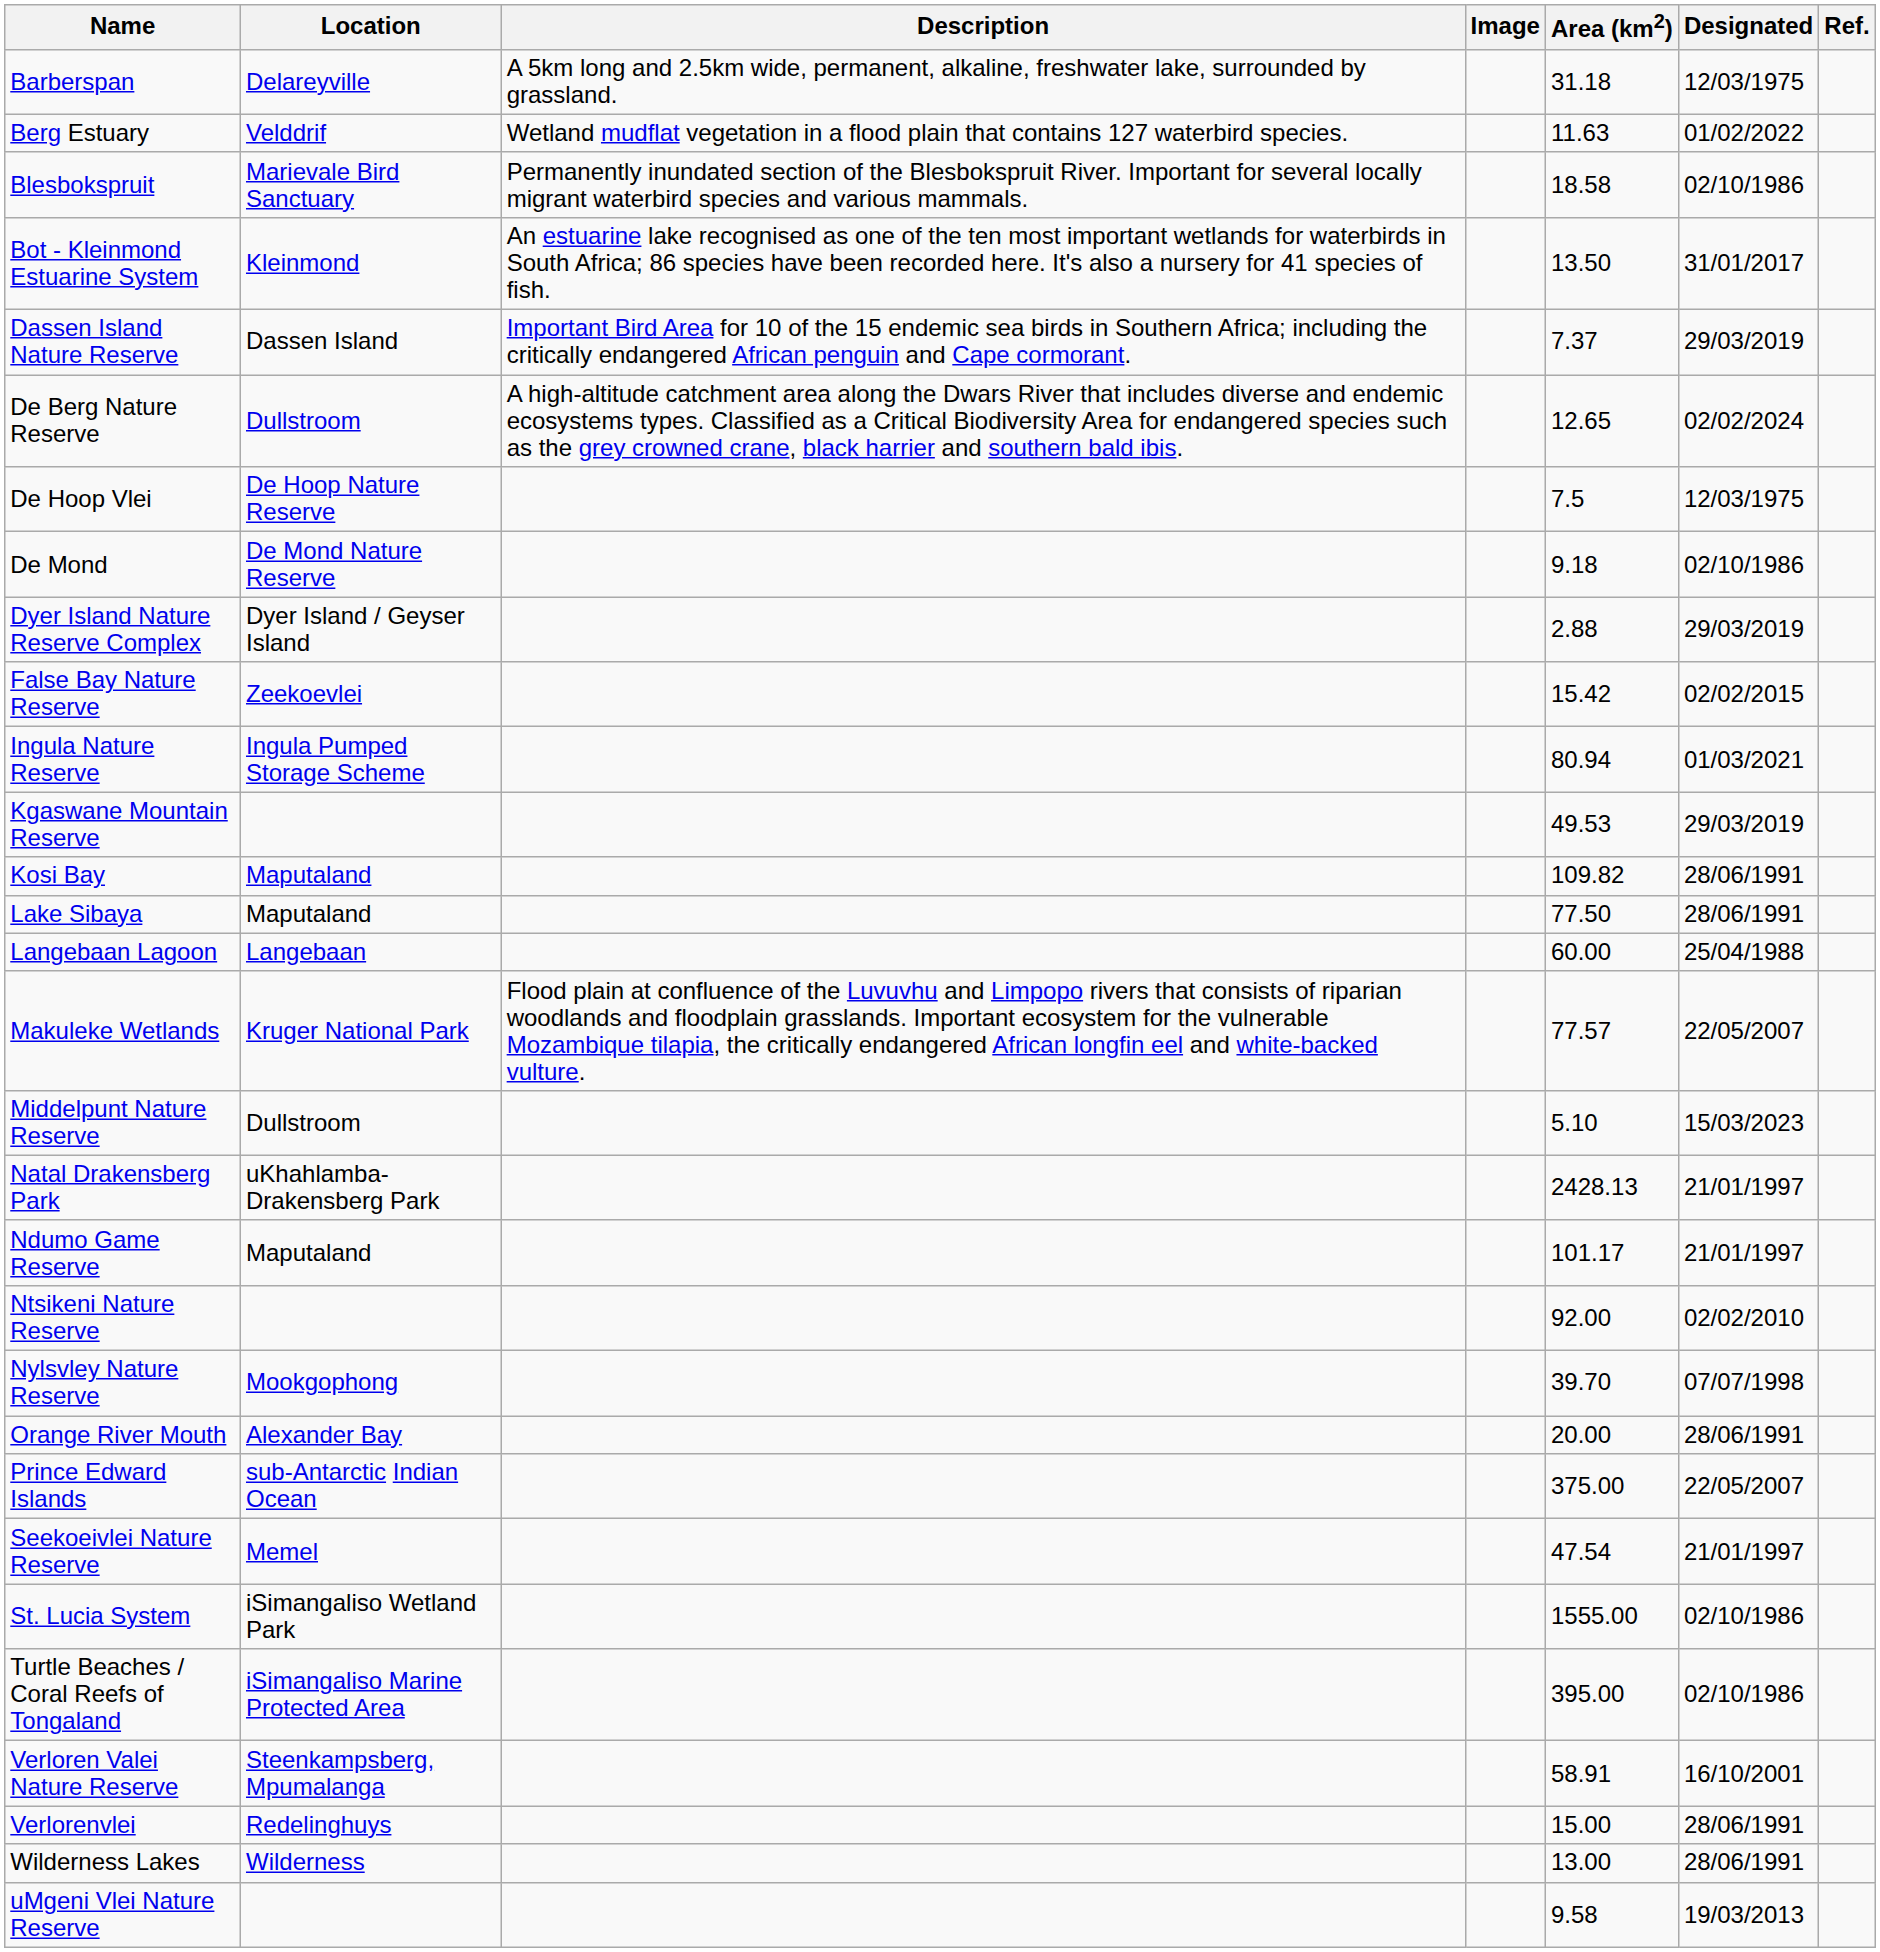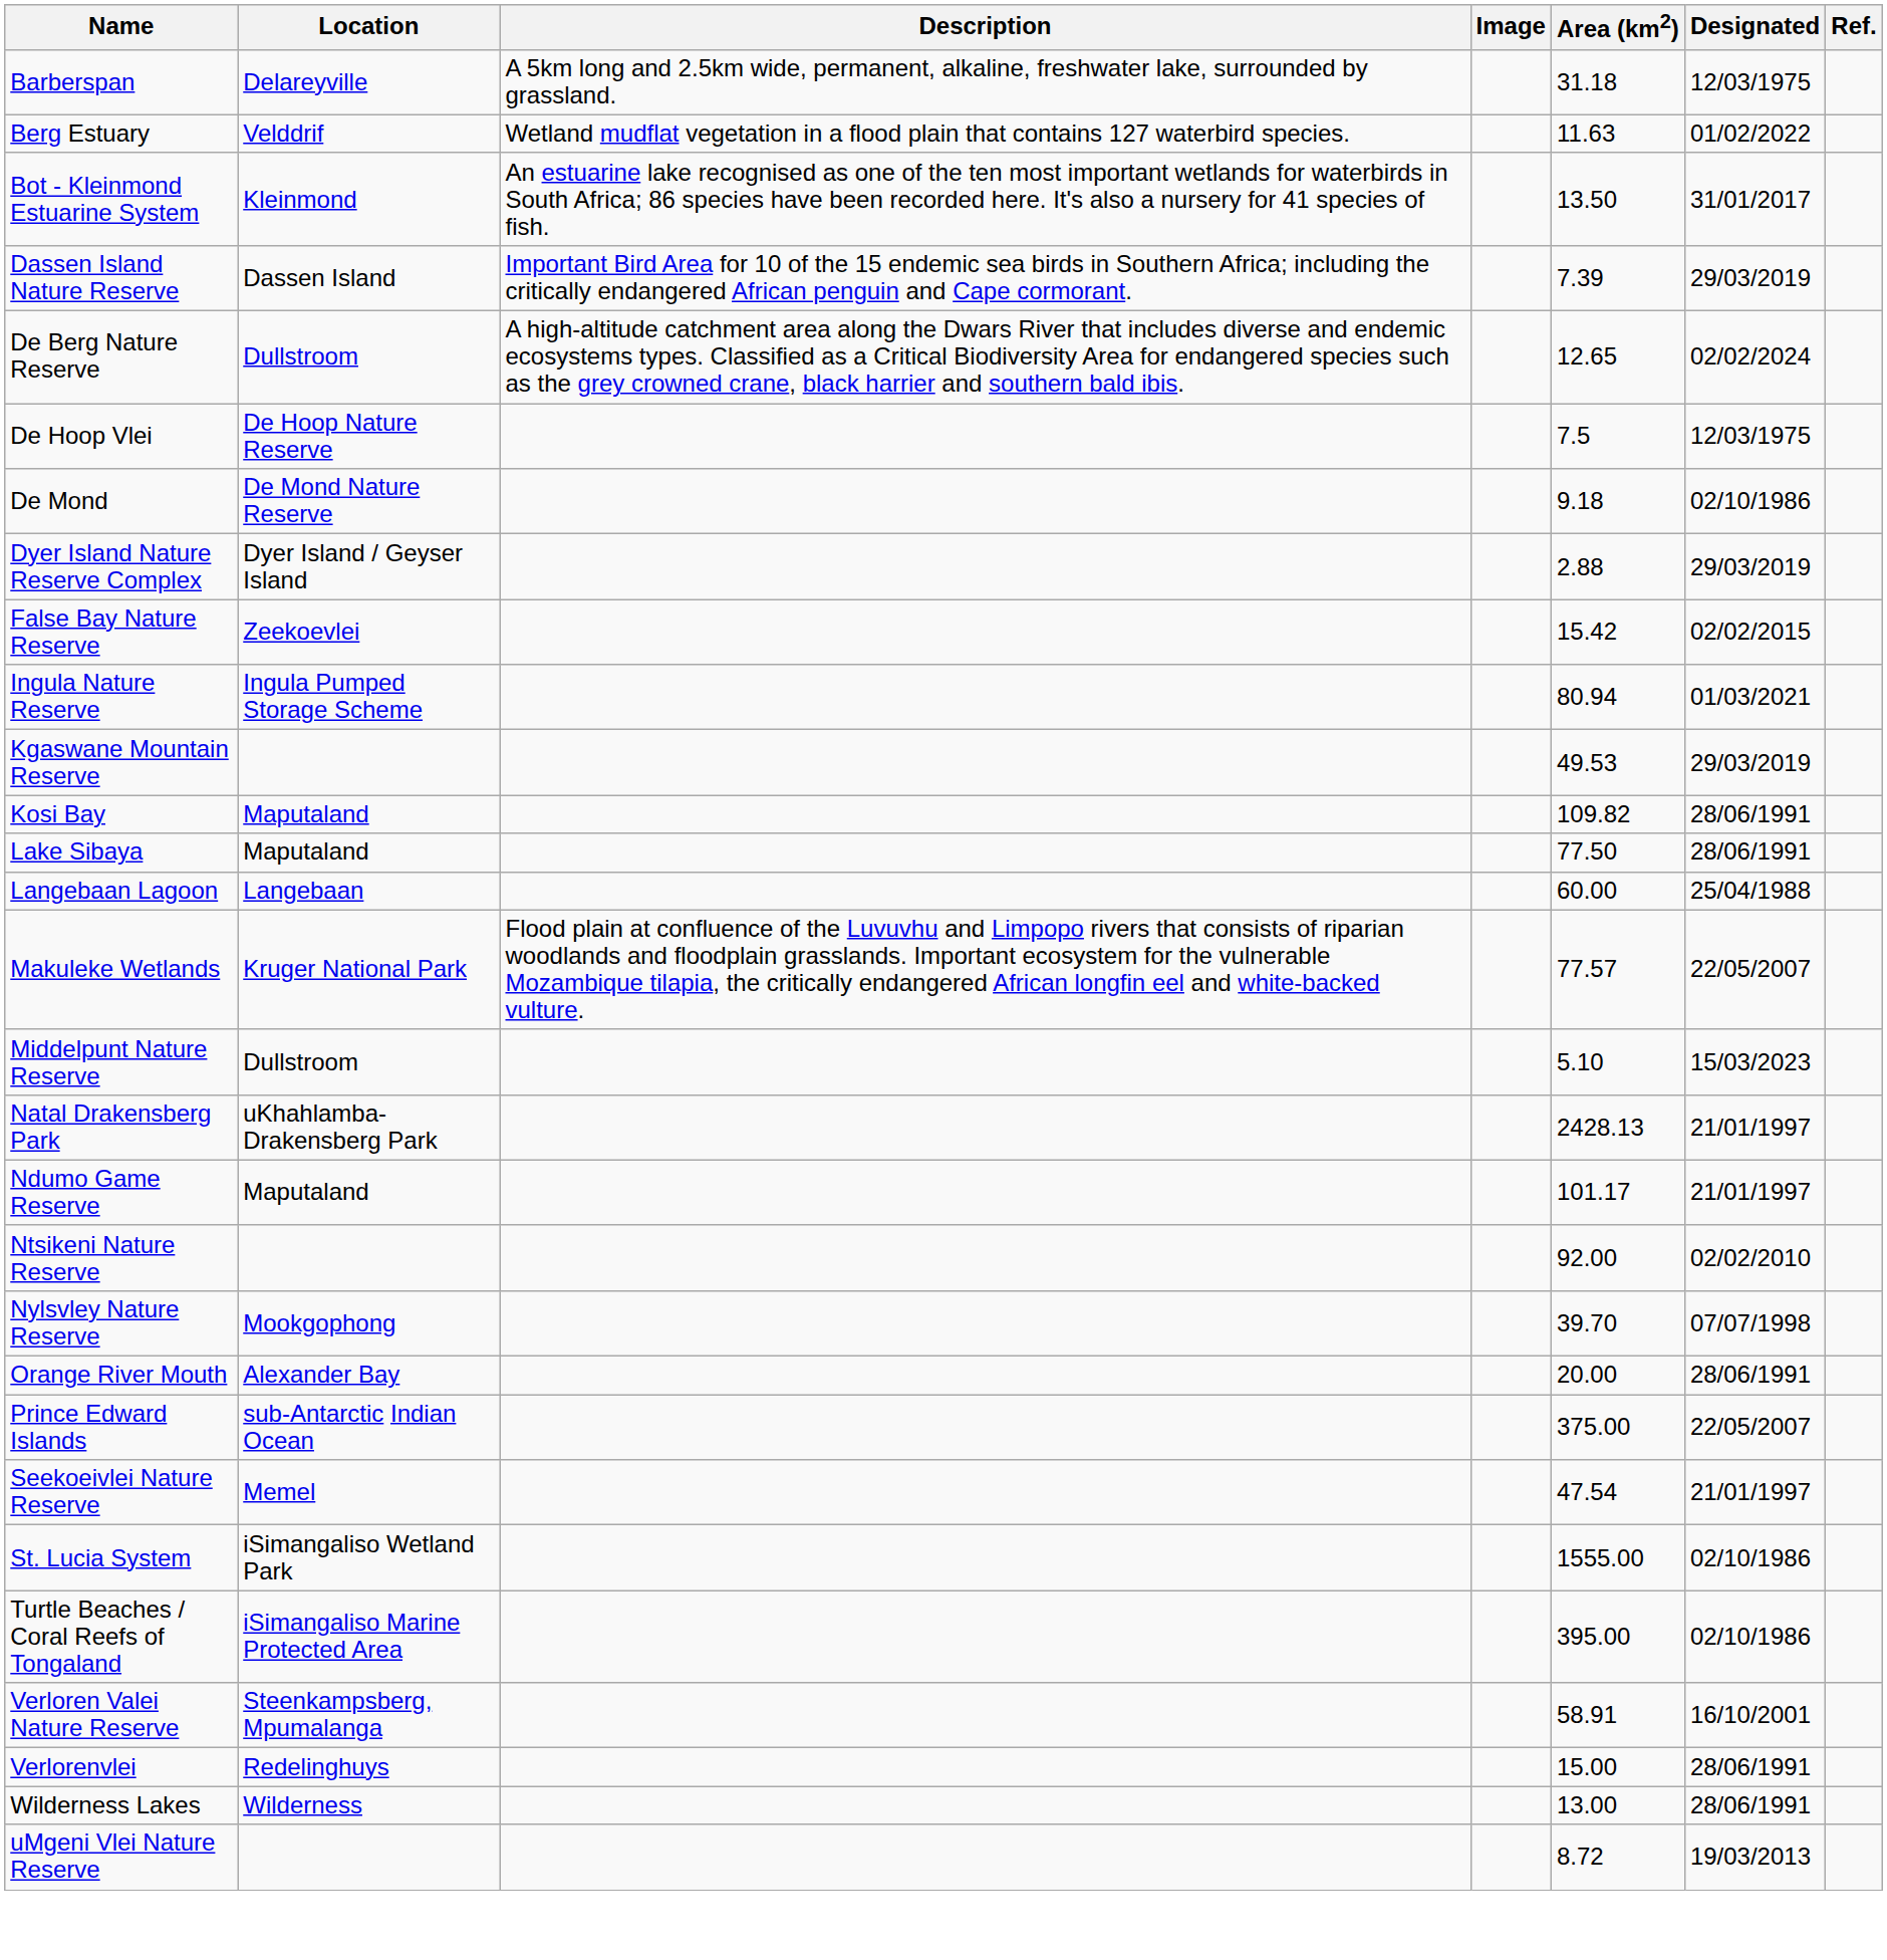 <table class="wikitable sortable">
 <tr>
 <th style="background-color:">Name</th>
 <th style="background-color:">Location</th>
 <th style="background-color:">Description</th>
 <th style="background-color:">Image</th>
 <th style="background-color:">Area (km<sup>2</sup>)</th>
 <th style="background-color:">Designated</th>
 <th style="background-color:">Ref.</th>
 </tr>
 <tr>
 <td><a href='#'>Barberspan</a></td>
 <td><a href='#'>Delareyville</a><br></td>
 <td>A 5km long and 2.5km wide, permanent, alkaline, freshwater lake, surrounded by grassland.</td>
 <td></td>
 <td>31.18</td>
 <td>12/03/1975</td>
 <td></td>
 </tr>
 <tr>
 <td><a href='#'>Berg</a> Estuary</td>
 <td><a href='#'>Velddrif</a><br></td>
 <td>Wetland <a href='#'>mudflat</a> vegetation in a flood plain that contains 127 waterbird species.</td>
 <td></td>
 <td>11.63</td>
 <td>01/02/2022</td>
 <td></td>
 </tr>
 <tr>
-<td><a href='#'>Blesbokspruit</a></td>
-<td><a href='#'>Marievale Bird Sanctuary</a><br></td>
-<td>Permanently inundated section of the Blesbokspruit River. Important for several locally migrant waterbird species and various mammals.</td>
-<td></td>
-<td>18.58</td>
-<td>02/10/1986</td>
-<td></td>
-</tr>
-<tr>
 <td><a href='#'>Bot - Kleinmond Estuarine System</a></td>
 <td><a href='#'>Kleinmond</a><br></td>
 <td>An <a href='#'>estuarine</a> lake recognised as one of the ten most important wetlands for waterbirds in South Africa; 86 species have been recorded here. It's also a nursery for 41 species of fish.</td>
 <td></td>
 <td>13.50</td>
 <td>31/01/2017</td>
 <td></td>
 </tr>
 <tr>
 <td><a href='#'>Dassen Island Nature Reserve</a></td>
 <td>Dassen Island<br></td>
 <td><a href='#'>Important Bird Area</a> for 10 of the 15 endemic sea birds in Southern Africa; including the critically endangered <a href='#'>African penguin</a> and <a href='#'>Cape cormorant</a>.</td>
 <td></td>
-<td>7.37</td>
+<td>7.39</td>
 <td>29/03/2019</td>
 <td></td>
 </tr>
 <tr>
 <td>De Berg Nature Reserve</td>
 <td><a href='#'>Dullstroom</a><br></td>
 <td>A high-altitude catchment area along the Dwars River that includes diverse and endemic ecosystems types. Classified as a Critical Biodiversity Area for endangered species such as the <a href='#'>grey crowned crane</a>, <a href='#'>black harrier</a> and <a href='#'>southern bald ibis</a>.</td>
 <td></td>
 <td>12.65</td>
 <td>02/02/2024</td>
 <td></td>
 </tr>
 <tr>
 <td>De Hoop Vlei</td>
 <td><a href='#'>De Hoop Nature Reserve</a><br></td>
 <td></td>
 <td></td>
 <td>7.5</td>
 <td>12/03/1975</td>
 <td></td>
 </tr>
 <tr>
 <td>De Mond</td>
 <td><a href='#'>De Mond Nature Reserve</a><br></td>
 <td></td>
 <td></td>
 <td>9.18</td>
 <td>02/10/1986</td>
 <td></td>
 </tr>
 <tr>
 <td><a href='#'>Dyer Island Nature Reserve Complex</a></td>
 <td>Dyer Island / Geyser Island<br></td>
 <td></td>
 <td></td>
 <td>2.88</td>
 <td>29/03/2019</td>
 <td></td>
 </tr>
 <tr>
 <td><a href='#'>False Bay Nature Reserve</a></td>
 <td><a href='#'>Zeekoevlei</a><br></td>
 <td></td>
 <td></td>
 <td>15.42</td>
 <td>02/02/2015</td>
 <td></td>
 </tr>
 <tr>
 <td><a href='#'>Ingula Nature Reserve</a></td>
 <td><a href='#'>Ingula Pumped Storage Scheme</a><br></td>
 <td></td>
 <td></td>
 <td>80.94</td>
 <td>01/03/2021</td>
 <td></td>
 </tr>
 <tr>
 <td><a href='#'>Kgaswane Mountain Reserve</a></td>
 <td></td>
 <td></td>
 <td></td>
 <td>49.53</td>
 <td>29/03/2019</td>
 <td></td>
 </tr>
 <tr>
 <td><a href='#'>Kosi Bay</a></td>
 <td><a href='#'>Maputaland</a><br></td>
 <td></td>
 <td></td>
 <td>109.82</td>
 <td>28/06/1991</td>
 <td></td>
 </tr>
 <tr>
 <td><a href='#'>Lake Sibaya</a></td>
 <td>Maputaland<br></td>
 <td></td>
 <td></td>
 <td>77.50</td>
 <td>28/06/1991</td>
 <td></td>
 </tr>
 <tr>
 <td><a href='#'>Langebaan Lagoon</a></td>
 <td><a href='#'>Langebaan</a><br></td>
 <td></td>
 <td></td>
 <td>60.00</td>
 <td>25/04/1988</td>
 <td></td>
 </tr>
 <tr>
 <td><a href='#'>Makuleke Wetlands</a></td>
 <td><a href='#'>Kruger National Park</a><br></td>
 <td>Flood plain at confluence of the <a href='#'>Luvuvhu</a> and <a href='#'>Limpopo</a> rivers that consists of riparian woodlands and floodplain grasslands. Important ecosystem for the vulnerable <a href='#'>Mozambique tilapia</a>, the critically endangered <a href='#'>African longfin eel</a> and <a href='#'>white-backed vulture</a>.</td>
 <td></td>
 <td>77.57</td>
 <td>22/05/2007</td>
 <td></td>
 </tr>
 <tr>
 <td><a href='#'>Middelpunt Nature Reserve</a></td>
 <td>Dullstroom<br></td>
 <td></td>
 <td></td>
 <td>5.10</td>
 <td>15/03/2023</td>
 <td></td>
 </tr>
 <tr>
 <td><a href='#'>Natal Drakensberg Park</a></td>
 <td>uKhahlamba-Drakensberg Park<br></td>
 <td></td>
 <td></td>
 <td>2428.13</td>
 <td>21/01/1997</td>
 <td></td>
 </tr>
 <tr>
 <td><a href='#'>Ndumo Game Reserve</a></td>
 <td>Maputaland<br></td>
 <td></td>
 <td></td>
 <td>101.17</td>
 <td>21/01/1997</td>
 <td></td>
 </tr>
 <tr>
 <td><a href='#'>Ntsikeni Nature Reserve</a></td>
 <td></td>
 <td></td>
 <td></td>
 <td>92.00</td>
 <td>02/02/2010</td>
 <td></td>
 </tr>
 <tr>
 <td><a href='#'>Nylsvley Nature Reserve</a></td>
 <td><a href='#'>Mookgophong</a><br></td>
 <td></td>
 <td></td>
 <td>39.70</td>
 <td>07/07/1998</td>
 <td></td>
 </tr>
 <tr>
 <td><a href='#'>Orange River Mouth</a></td>
 <td><a href='#'>Alexander Bay</a><br></td>
 <td></td>
 <td></td>
 <td>20.00</td>
 <td>28/06/1991</td>
 <td></td>
 </tr>
 <tr>
 <td><a href='#'>Prince Edward Islands</a></td>
 <td><a href='#'>sub-Antarctic</a> <a href='#'>Indian Ocean</a><br></td>
 <td></td>
 <td></td>
 <td>375.00</td>
 <td>22/05/2007</td>
 <td></td>
 </tr>
 <tr>
 <td><a href='#'>Seekoeivlei Nature Reserve</a></td>
 <td><a href='#'>Memel</a><br></td>
 <td></td>
 <td></td>
 <td>47.54</td>
 <td>21/01/1997</td>
 <td></td>
 </tr>
 <tr>
 <td><a href='#'>St. Lucia System</a></td>
 <td>iSimangaliso Wetland Park<br></td>
 <td></td>
 <td></td>
 <td>1555.00</td>
 <td>02/10/1986</td>
 <td></td>
 </tr>
 <tr>
 <td>Turtle Beaches /<br>Coral Reefs of <a href='#'>Tongaland</a></td>
 <td><a href='#'>iSimangaliso Marine Protected Area</a><br></td>
 <td></td>
 <td></td>
 <td>395.00</td>
 <td>02/10/1986</td>
 <td></td>
 </tr>
 <tr>
 <td><a href='#'>Verloren Valei Nature Reserve</a></td>
 <td><a href='#'>Steenkampsberg, Mpumalanga</a><br></td>
 <td></td>
 <td></td>
 <td>58.91</td>
 <td>16/10/2001</td>
 <td></td>
 </tr>
 <tr>
 <td><a href='#'>Verlorenvlei</a></td>
 <td><a href='#'>Redelinghuys</a><br></td>
 <td></td>
 <td></td>
 <td>15.00</td>
 <td>28/06/1991</td>
 <td></td>
 </tr>
 <tr>
 <td>Wilderness Lakes</td>
 <td><a href='#'>Wilderness</a><br></td>
 <td></td>
 <td></td>
 <td>13.00</td>
 <td>28/06/1991</td>
 <td></td>
 </tr>
 <tr>
 <td><a href='#'>uMgeni Vlei Nature Reserve</a></td>
 <td></td>
 <td></td>
 <td></td>
-<td>9.58</td>
+<td>8.72</td>
 <td>19/03/2013</td>
 <td></td>
 </tr>
 </table>
